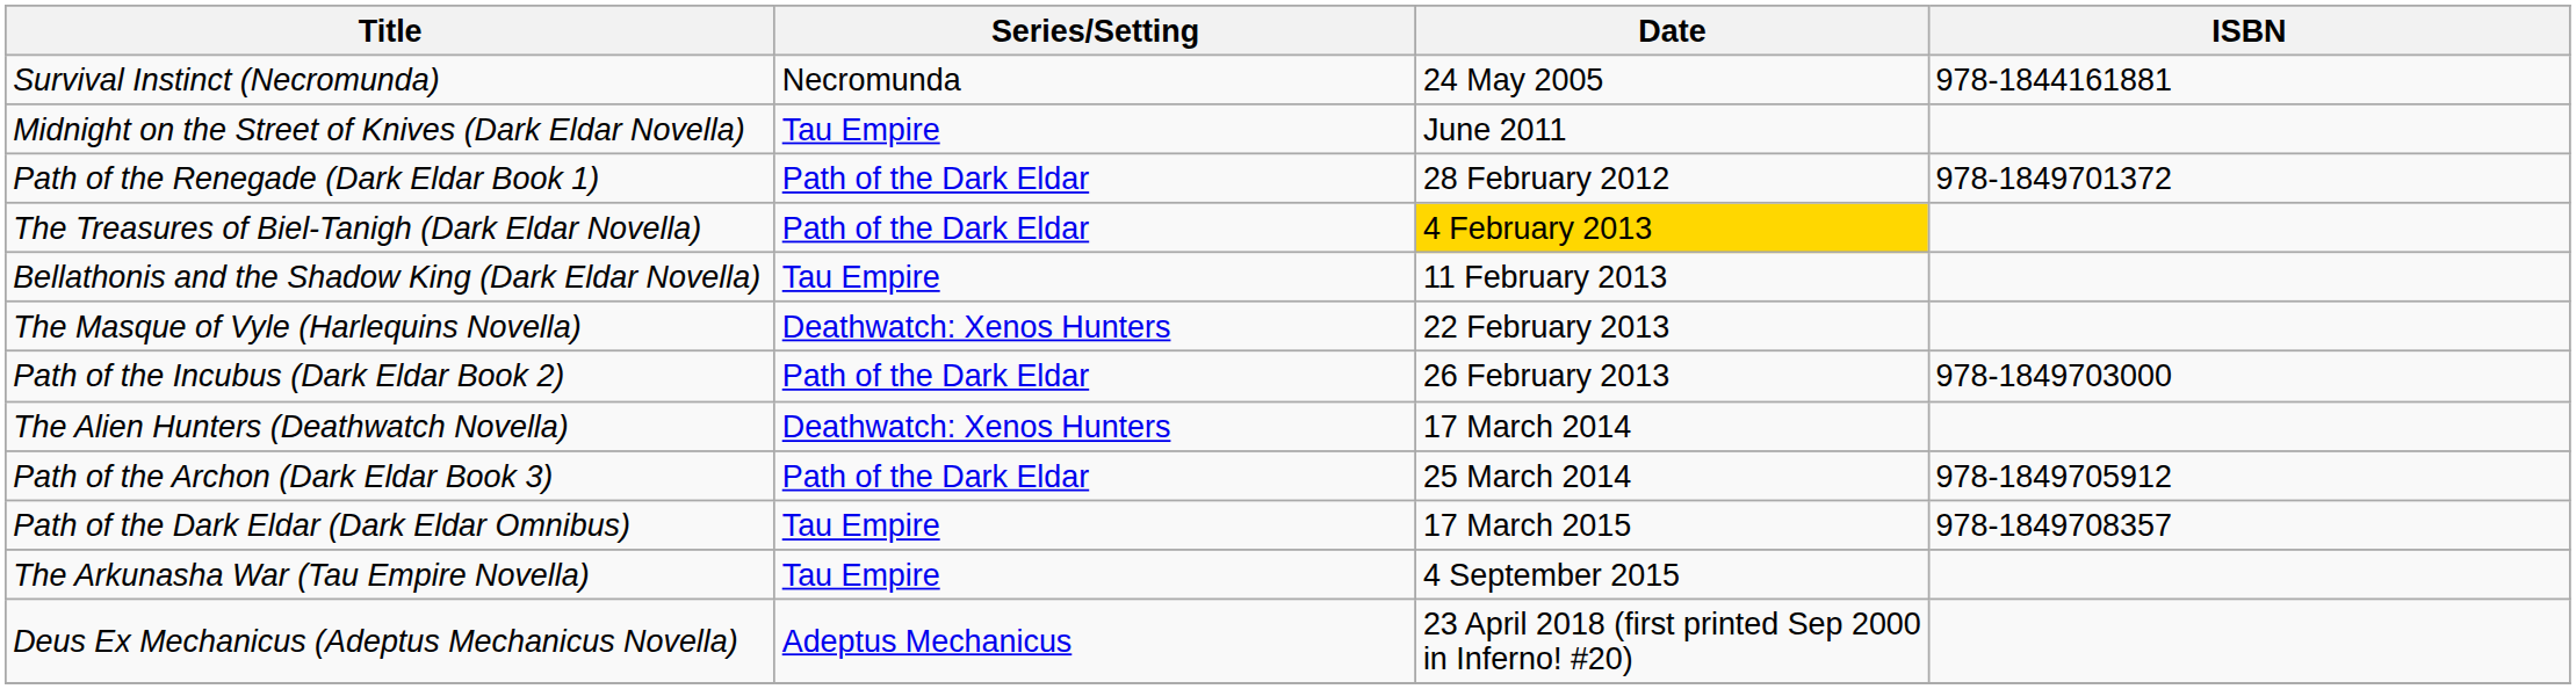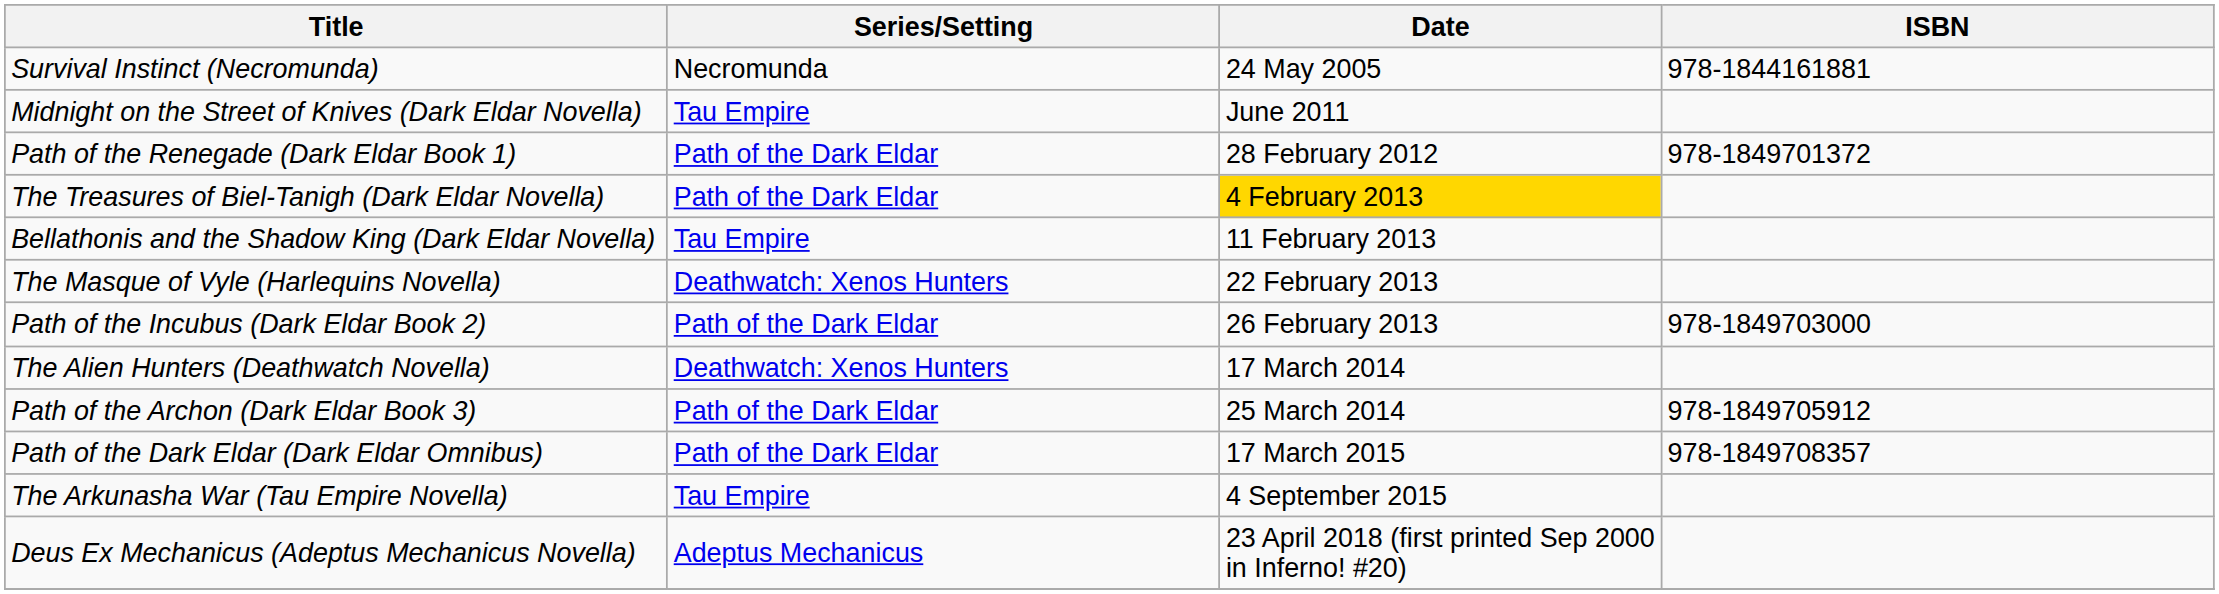 <table class="wikitable sortable" style="margins:auto; width=95%; font-size: 95%;">
 <tr>
 <th width="30%">Title</th>
 <th width="25%">Series/Setting</th>
 <th width="20%">Date</th>
 <th width="25%">ISBN</th>
 </tr>
 <tr>
 <td><em>Survival Instinct (Necromunda)</em></td>
 <td>Necromunda</td>
 <td>24 May 2005</td>
 <td>978-1844161881</td>
 </tr>
 <tr>
 <td><em>Midnight on the Street of Knives (Dark Eldar Novella)</em></td>
 <td><a href='#'>Tau Empire</a></td>
 <td>June 2011</td>
 <td></td>
 </tr>
 <tr>
 <td><em>Path of the Renegade (Dark Eldar Book 1)</em></td>
 <td><a href='#'>Path of the Dark Eldar</a></td>
 <td>28 February 2012</td>
 <td>978-1849701372</td>
 </tr>
 <tr>
 <td><em>The Treasures of Biel-Tanigh (Dark Eldar Novella)</em></td>
 <td><a href='#'>Path of the Dark Eldar</a></td>
 <td style="background: gold;">4 February 2013</td>
 <td></td>
 </tr>
 <tr>
 <td><em>Bellathonis and the Shadow King (Dark Eldar Novella)</em></td>
 <td><a href='#'>Tau Empire</a></td>
 <td>11 February 2013</td>
 <td></td>
 </tr>
 <tr>
 <td><em>The Masque of Vyle (Harlequins Novella)</em></td>
 <td><a href='#'>Deathwatch: Xenos Hunters</a></td>
 <td>22 February 2013</td>
 <td></td>
 </tr>
 <tr>
 <td><em>Path of the Incubus (Dark Eldar Book 2)</em></td>
 <td><a href='#'>Path of the Dark Eldar</a></td>
 <td>26 February 2013</td>
 <td>978-1849703000</td>
 </tr>
 <tr>
 <td><em>The Alien Hunters (Deathwatch Novella)</em></td>
 <td><a href='#'>Deathwatch: Xenos Hunters</a></td>
 <td>17 March 2014</td>
 <td></td>
 </tr>
 <tr>
 <td><em>Path of the Archon (Dark Eldar Book 3)</em></td>
 <td><a href='#'>Path of the Dark Eldar</a></td>
 <td>25 March 2014</td>
 <td>978-1849705912</td>
 </tr>
 <tr>
 <td><em>Path of the Dark Eldar (Dark Eldar Omnibus)</em></td>
-<td><a href='#'>Tau Empire</a></td>
+<td><a href='#'>Path of the Dark Eldar</a></td>
 <td>17 March 2015</td>
 <td>978-1849708357</td>
 </tr>
 <tr>
 <td><em>The Arkunasha War (Tau Empire Novella)</em></td>
 <td><a href='#'>Tau Empire</a></td>
 <td>4 September 2015</td>
 <td></td>
 </tr>
 <tr>
 <td><em>Deus Ex Mechanicus (Adeptus Mechanicus Novella)</em></td>
 <td><a href='#'>Adeptus Mechanicus</a></td>
 <td>23 April 2018 (first printed Sep 2000 in Inferno! #20)</td>
 <td></td>
 </tr>
 <tr>
 </tr>
 </table>
